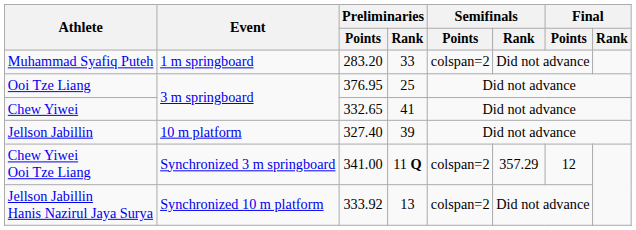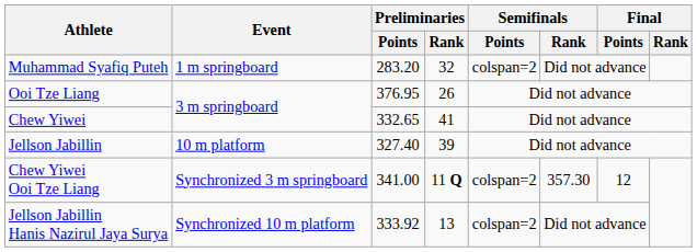 <table class=wikitable style="font-size:90%;">
 <tr>
 <th rowspan="2">Athlete</th>
 <th rowspan="2">Event</th>
 <th colspan="2">Preliminaries</th>
 <th colspan="2">Semifinals</th>
 <th colspan="2">Final</th>
 </tr>
 <tr style="font-size:95%">
 <th>Points</th>
 <th>Rank</th>
 <th>Points</th>
 <th>Rank</th>
 <th>Points</th>
 <th>Rank</th>
 </tr>
 <tr align=center>
 <td align=left><a href='#'>Muhammad Syafiq Puteh</a></td>
 <td align=left><a href='#'>1 m springboard</a></td>
 <td>283.20</td>
-<td>33</td>
+<td>32</td>
 <td>colspan=2 </td>
 <td colspan=2>Did not advance</td>
 </tr>
 <tr align=center>
 <td align=left><a href='#'>Ooi Tze Liang</a></td>
 <td align=left rowspan=2><a href='#'>3 m springboard</a></td>
 <td>376.95</td>
-<td>25</td>
+<td>26</td>
 <td colspan=4>Did not advance</td>
 </tr>
 <tr align=center>
 <td align=left><a href='#'>Chew Yiwei</a></td>
 <td>332.65</td>
 <td>41</td>
 <td colspan=4>Did not advance</td>
 </tr>
 <tr align=center>
 <td align=left><a href='#'>Jellson Jabillin</a></td>
 <td align=left><a href='#'>10 m platform</a></td>
 <td>327.40</td>
 <td>39</td>
 <td colspan=4>Did not advance</td>
 </tr>
 <tr align=center>
 <td align=left><a href='#'>Chew Yiwei</a><br><a href='#'>Ooi Tze Liang</a></td>
 <td align=left><a href='#'>Synchronized 3 m springboard</a></td>
 <td>341.00</td>
 <td>11 <strong>Q</strong></td>
 <td>colspan=2 </td>
-<td>357.29</td>
+<td>357.30</td>
 <td>12</td>
 </tr>
 <tr align=center>
 <td align=left><a href='#'>Jellson Jabillin</a><br><a href='#'>Hanis Nazirul Jaya Surya</a></td>
 <td align=left><a href='#'>Synchronized 10 m platform</a></td>
 <td>333.92</td>
 <td>13</td>
 <td>colspan=2 </td>
 <td colspan=2>Did not advance</td>
 </tr>
 </table>
